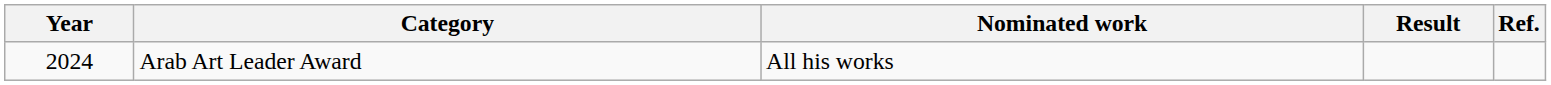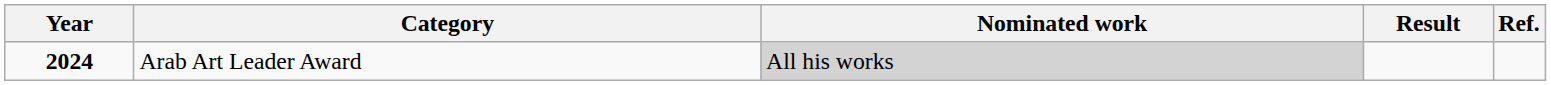 <table class="wikitable">
 <tr>
 <th scope="col" style="width:5em;">Year</th>
 <th scope="col" style="width:26em;">Category</th>
 <th scope="col" style="width:25em;">Nominated work</th>
 <th scope="col" style="width:5em;">Result</th>
 <th>Ref.</th>
 </tr>
 <tr>
-<td style="text-align:center;">2024</td>
+<td style="text-align:center;"><strong>2024</strong></td>
 <td>Arab Art Leader Award</td>
-<td>All his works</td>
+<td style="background: lightgrey;">All his works</td>
 <td></td>
 <td></td>
 </tr>
 </table>
